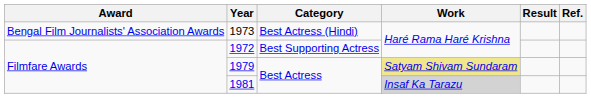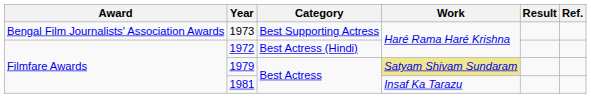 <table class="wikitable">
 <tr>
 <th>Award</th>
 <th>Year</th>
 <th>Category</th>
 <th>Work</th>
 <th>Result</th>
 <th>Ref.</th>
 </tr>
 <tr>
 <td><a href='#'>Bengal Film Journalists' Association Awards</a></td>
 <td>1973</td>
-<td><a href='#'>Best Actress (Hindi)</a></td>
+<td><a href='#'>Best Supporting Actress</a></td>
 <td rowspan="2"><em><a href='#'>Haré Rama Haré Krishna</a></em></td>
 <td></td>
 <td style="text-align:center;"></td>
 </tr>
 <tr>
 <td rowspan="3"><a href='#'>Filmfare Awards</a></td>
 <td><a href='#'>1972</a></td>
-<td><a href='#'>Best Supporting Actress</a></td>
+<td><a href='#'>Best Actress (Hindi)</a></td>
 <td></td>
 <td style="text-align:center;"></td>
 </tr>
 <tr>
 <td><a href='#'>1979</a></td>
 <td rowspan="2"><a href='#'>Best Actress</a></td>
 <td style="background: khaki;"><em><a href='#'>Satyam Shivam Sundaram</a></em></td>
 <td></td>
 <td style="text-align:center;"></td>
 </tr>
 <tr>
 <td><a href='#'>1981</a></td>
-<td style="background: lightgrey;"><em><a href='#'>Insaf Ka Tarazu</a></em></td>
+<td><em><a href='#'>Insaf Ka Tarazu</a></em></td>
 <td></td>
 <td style="text-align:center;"></td>
 </tr>
 </table>
